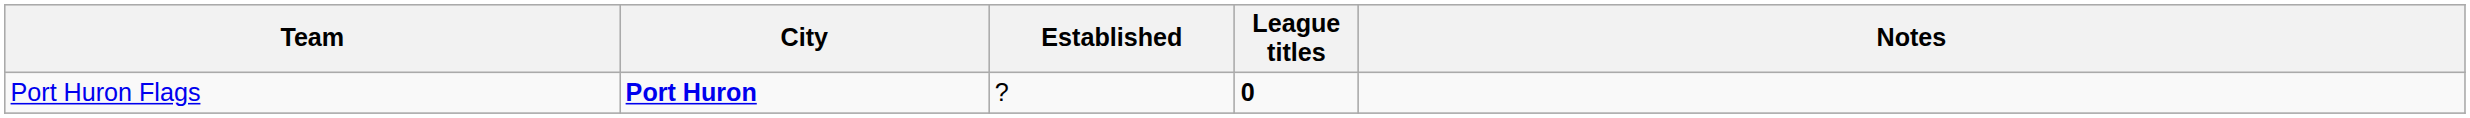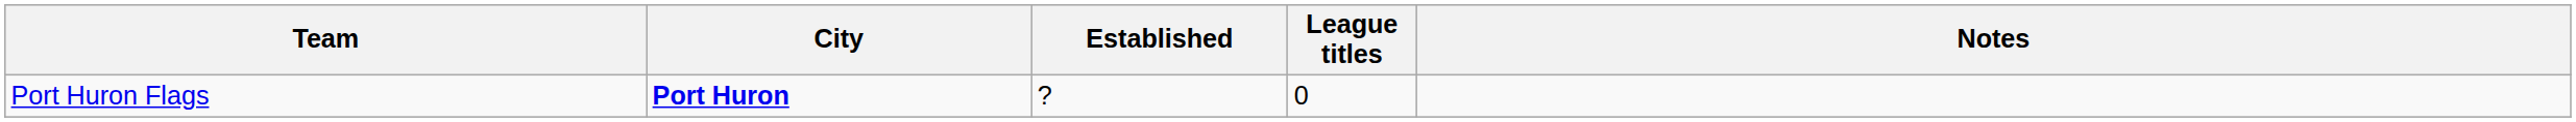 <table class="wikitable">
 <tr>
 <th bgcolor="#DDDDFF" width="25%">Team</th>
 <th bgcolor="#DDDDFF" width="15%">City</th>
 <th bgcolor="#DDDDFF" width="10%">Established</th>
 <th bgcolor="#DDDDFF" width="5%">League titles</th>
 <th bgcolor="#DDDDFF" width="45%">Notes</th>
 </tr>
 <tr>
 <td><a href='#'>Port Huron Flags</a></td>
 <td><strong><a href='#'>Port Huron</a></strong></td>
 <td>?</td>
-<td><strong>0</strong></td>
+<td>0</td>
 </tr>
 </table>
